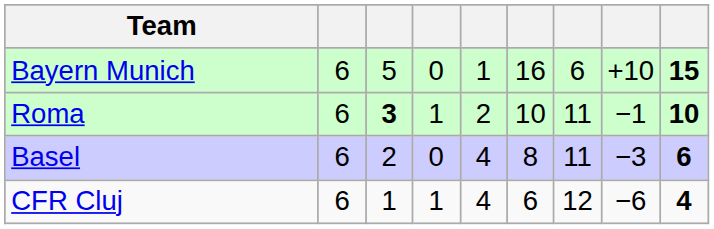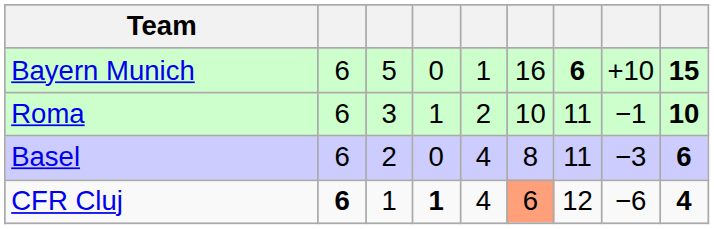 <table class="wikitable" style="text-align:center">
 <tr>
 <th width="175">Team</th>
 <th width="20"></th>
 <th width="20"></th>
 <th width="20"></th>
 <th width="20"></th>
 <th width="20"></th>
 <th width="20"></th>
 <th width="20"></th>
 <th width="20"></th>
 </tr>
 <tr bgcolor="#ccffcc">
 <td align="left"> <a href='#'>Bayern Munich</a></td>
 <td>6</td>
 <td>5</td>
 <td>0</td>
 <td>1</td>
 <td>16</td>
-<td>6</td>
+<td><strong>6</strong></td>
 <td>+10</td>
 <td><strong>15</strong></td>
 </tr>
 <tr bgcolor="#ccffcc">
 <td align="left"> <a href='#'>Roma</a></td>
 <td>6</td>
-<td><strong>3</strong></td>
+<td>3</td>
 <td>1</td>
 <td>2</td>
 <td>10</td>
 <td>11</td>
 <td>−1</td>
 <td><strong>10</strong></td>
 </tr>
 <tr bgcolor="#ccccff">
 <td align="left"> <a href='#'>Basel</a></td>
 <td>6</td>
 <td>2</td>
 <td>0</td>
 <td>4</td>
 <td>8</td>
 <td>11</td>
 <td>−3</td>
 <td><strong>6</strong></td>
 </tr>
 <tr>
 <td align="left"> <a href='#'>CFR Cluj</a></td>
-<td>6</td>
+<td><strong>6</strong></td>
 <td>1</td>
-<td>1</td>
+<td><strong>1</strong></td>
 <td>4</td>
-<td>6</td>
+<td style="background: lightsalmon;">6</td>
 <td>12</td>
 <td>−6</td>
 <td><strong>4</strong></td>
 </tr>
 </table>
